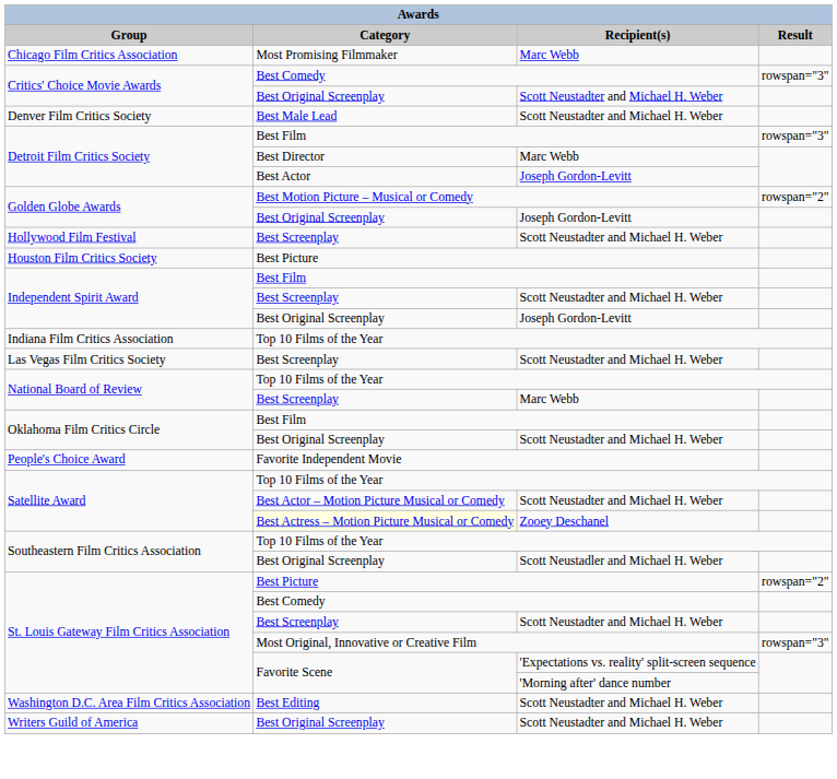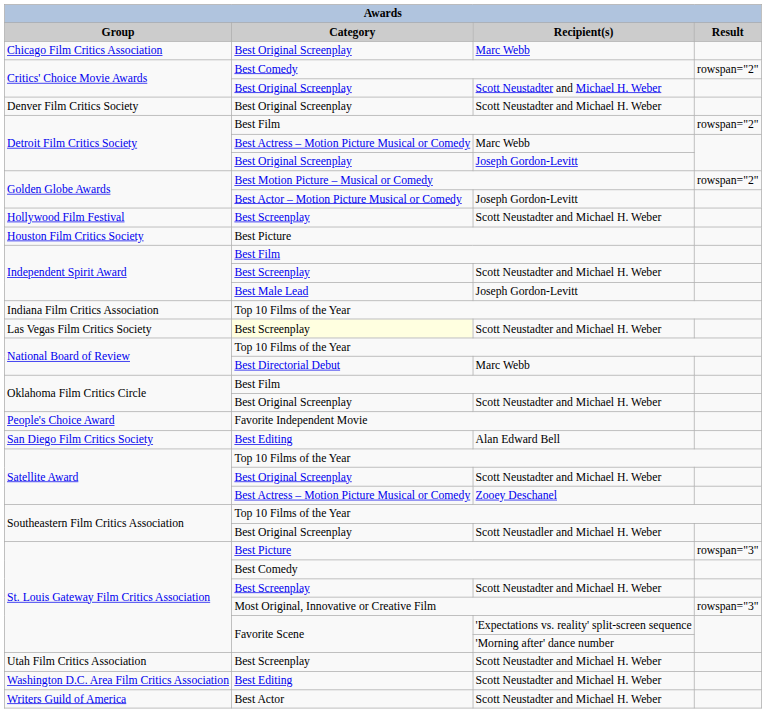 <table class="wikitable sortable">
 <tr style="text-align:center;">
 <th colspan=4 style="background:#B0C4DE;">Awards</th>
 </tr>
 <tr style="text-align:center;">
 <th style="background:#ccc;">Group</th>
 <th style="background:#ccc;">Category</th>
 <th style="background:#ccc;">Recipient(s)</th>
 <th style="background:#ccc;">Result</th>
 </tr>
 <tr>
 <td><a href='#'>Chicago Film Critics Association</a></td>
-<td>Most Promising Filmmaker</td>
+<td><a href='#'>Best Original Screenplay</a></td>
 <td><a href='#'>Marc Webb</a></td>
 <td></td>
 </tr>
 <tr>
 <td rowspan="2"><a href='#'>Critics' Choice Movie Awards</a></td>
 <td colspan="2"><a href='#'>Best Comedy</a></td>
-<td>rowspan="3" </td>
+<td>rowspan="2" </td>
 </tr>
 <tr>
 <td><a href='#'>Best Original Screenplay</a></td>
 <td><a href='#'>Scott Neustadter</a> and <a href='#'>Michael H. Weber</a></td>
 </tr>
 <tr>
 <td>Denver Film Critics Society</td>
-<td><a href='#'>Best Male Lead</a></td>
+<td>Best Original Screenplay</td>
 <td>Scott Neustadter and Michael H. Weber</td>
 <td></td>
 </tr>
 <tr>
 <td rowspan="3"><a href='#'>Detroit Film Critics Society</a></td>
 <td colspan="2">Best Film</td>
-<td>rowspan="3" </td>
+<td>rowspan="2" </td>
 </tr>
 <tr>
-<td>Best Director</td>
+<td><a href='#'>Best Actress – Motion Picture Musical or Comedy</a></td>
 <td>Marc Webb</td>
 </tr>
 <tr>
-<td>Best Actor</td>
+<td><a href='#'>Best Original Screenplay</a></td>
 <td><a href='#'>Joseph Gordon-Levitt</a></td>
 </tr>
 <tr>
 <td rowspan="2"><a href='#'>Golden Globe Awards</a></td>
 <td colspan="2"><a href='#'>Best Motion Picture – Musical or Comedy</a></td>
 <td>rowspan="2" </td>
 </tr>
 <tr>
-<td><a href='#'>Best Original Screenplay</a></td>
+<td><a href='#'>Best Actor – Motion Picture Musical or Comedy</a></td>
 <td>Joseph Gordon-Levitt</td>
 </tr>
 <tr>
 <td><a href='#'>Hollywood Film Festival</a></td>
 <td><a href='#'>Best Screenplay</a></td>
 <td>Scott Neustadter and Michael H. Weber</td>
 <td></td>
 </tr>
 <tr>
 <td><a href='#'>Houston Film Critics Society</a></td>
 <td colspan="2">Best Picture</td>
 <td></td>
 </tr>
 <tr>
 <td rowspan="3"><a href='#'>Independent Spirit Award</a></td>
 <td colspan="2"><a href='#'>Best Film</a></td>
 <td></td>
 </tr>
 <tr>
 <td><a href='#'>Best Screenplay</a></td>
 <td>Scott Neustadter and Michael H. Weber</td>
 <td></td>
 </tr>
 <tr>
-<td>Best Original Screenplay</td>
+<td><a href='#'>Best Male Lead</a></td>
 <td>Joseph Gordon-Levitt</td>
 <td></td>
 </tr>
 <tr>
 <td>Indiana Film Critics Association</td>
 <td colspan="3">Top 10 Films of the Year</td>
 </tr>
 <tr>
 <td>Las Vegas Film Critics Society</td>
-<td>Best Screenplay</td>
+<td style="background: lightyellow;">Best Screenplay</td>
 <td>Scott Neustadter and Michael H. Weber</td>
 <td></td>
 </tr>
 <tr>
 <td rowspan="2"><a href='#'>National Board of Review</a></td>
 <td colspan="3">Top 10 Films of the Year</td>
 </tr>
 <tr>
-<td><a href='#'>Best Screenplay</a></td>
+<td><a href='#'>Best Directorial Debut</a></td>
 <td>Marc Webb</td>
 <td></td>
 </tr>
 <tr>
 <td rowspan="2">Oklahoma Film Critics Circle</td>
 <td colspan="2">Best Film</td>
 <td></td>
 </tr>
 <tr>
 <td>Best Original Screenplay</td>
 <td>Scott Neustadter and Michael H. Weber</td>
 <td></td>
 </tr>
 <tr>
 <td><a href='#'>People's Choice Award</a></td>
 <td colspan="2">Favorite Independent Movie</td>
 <td></td>
 </tr>
 <tr>
+<td><a href='#'>San Diego Film Critics Society</a></td>
+<td><a href='#'>Best Editing</a></td>
+<td>Alan Edward Bell</td>
+<td></td>
+</tr>
+<tr>
 <td rowspan="3"><a href='#'>Satellite Award</a></td>
 <td colspan="3">Top 10 Films of the Year</td>
 </tr>
 <tr>
-<td><a href='#'>Best Actor – Motion Picture Musical or Comedy</a></td>
+<td><a href='#'>Best Original Screenplay</a></td>
 <td>Scott Neustadter and Michael H. Weber</td>
 <td></td>
 </tr>
 <tr>
-<td style="background: lightyellow;"><a href='#'>Best Actress – Motion Picture Musical or Comedy</a></td>
+<td><a href='#'>Best Actress – Motion Picture Musical or Comedy</a></td>
 <td><a href='#'>Zooey Deschanel</a></td>
 <td></td>
 </tr>
 <tr>
 <td rowspan="2">Southeastern Film Critics Association</td>
 <td colspan="3">Top 10 Films of the Year</td>
 </tr>
 <tr>
 <td>Best Original Screenplay</td>
 <td>Scott Neustadler and Michael H. Weber</td>
 <td></td>
 </tr>
 <tr>
 <td rowspan="6"><a href='#'>St. Louis Gateway Film Critics Association</a></td>
 <td colspan="2"><a href='#'>Best Picture</a></td>
-<td>rowspan="2" </td>
+<td>rowspan="3" </td>
 </tr>
 <tr>
 <td colspan="2">Best Comedy</td>
 </tr>
 <tr>
 <td><a href='#'>Best Screenplay</a></td>
 <td>Scott Neustadter and Michael H. Weber</td>
 <td></td>
 </tr>
 <tr>
 <td colspan="2">Most Original, Innovative or Creative Film</td>
 <td>rowspan="3" </td>
 </tr>
 <tr>
 <td rowspan="2">Favorite Scene</td>
 <td>'Expectations vs. reality' split-screen sequence</td>
 </tr>
 <tr>
 <td>'Morning after' dance number</td>
 </tr>
 <tr>
+<td>Utah Film Critics Association</td>
+<td>Best Screenplay</td>
+<td>Scott Neustadter and Michael H. Weber</td>
+<td></td>
+</tr>
+<tr>
 <td><a href='#'>Washington D.C. Area Film Critics Association</a></td>
 <td><a href='#'>Best Editing</a></td>
 <td>Scott Neustadter and Michael H. Weber</td>
 <td></td>
 </tr>
 <tr>
 <td><a href='#'>Writers Guild of America</a></td>
-<td><a href='#'>Best Original Screenplay</a></td>
+<td>Best Actor</td>
 <td>Scott Neustadter and Michael H. Weber</td>
 <td></td>
 </tr>
 </table>
